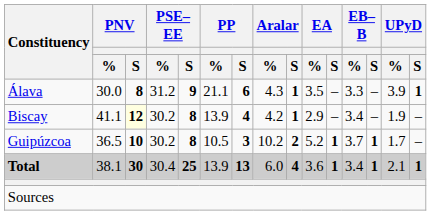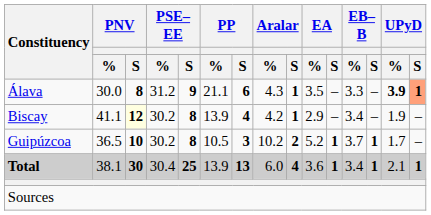 <table class="wikitable sortable" style="text-align:right; line-height:20px;">
 <tr>
 <th rowspan="3">Constituency</th>
 <th colspan="2" width="30px" class="unsortable"><a href='#'>PNV</a></th>
 <th colspan="2" width="30px" class="unsortable"><a href='#'>PSE–EE</a></th>
 <th colspan="2" width="30px" class="unsortable"><a href='#'>PP</a></th>
 <th colspan="2" width="30px" class="unsortable"><a href='#'>Aralar</a></th>
 <th colspan="2" width="30px" class="unsortable"><a href='#'>EA</a></th>
 <th colspan="2" width="30px" class="unsortable"><a href='#'>EB–B</a></th>
 <th colspan="2" width="30px" class="unsortable"><a href='#'>UPyD</a></th>
 </tr>
 <tr>
 <th colspan="2" style="background:"></th>
 <th colspan="2" style="background:"></th>
 <th colspan="2" style="background:"></th>
 <th colspan="2" style="background:"></th>
 <th colspan="2" style="background:"></th>
 <th colspan="2" style="background:"></th>
 <th colspan="2" style="background:"></th>
 </tr>
 <tr>
 <th data-sort-type="number">%</th>
 <th data-sort-type="number">S</th>
 <th data-sort-type="number">%</th>
 <th data-sort-type="number">S</th>
 <th data-sort-type="number">%</th>
 <th data-sort-type="number">S</th>
 <th data-sort-type="number">%</th>
 <th data-sort-type="number">S</th>
 <th data-sort-type="number">%</th>
 <th data-sort-type="number">S</th>
 <th data-sort-type="number">%</th>
 <th data-sort-type="number">S</th>
 <th data-sort-type="number">%</th>
 <th data-sort-type="number">S</th>
 </tr>
 <tr>
 <td align="left"><a href='#'>Álava</a></td>
 <td>30.0</td>
 <td><strong>8</strong></td>
 <td style="background:">31.2</td>
 <td><strong>9</strong></td>
 <td>21.1</td>
 <td><strong>6</strong></td>
 <td>4.3</td>
 <td><strong>1</strong></td>
 <td>3.5</td>
 <td>–</td>
 <td>3.3</td>
 <td>–</td>
-<td>3.9</td>
-<td><strong>1</strong></td>
+<td><strong>3.9</strong></td>
+<td style="background: lightsalmon;"><strong>1</strong></td>
 </tr>
 <tr>
 <td align="left"><a href='#'>Biscay</a></td>
 <td style="background:">41.1</td>
 <td style="background: lightyellow;"><strong>12</strong></td>
 <td>30.2</td>
 <td><strong>8</strong></td>
 <td>13.9</td>
 <td><strong>4</strong></td>
 <td>4.2</td>
 <td><strong>1</strong></td>
 <td>2.9</td>
 <td>–</td>
 <td>3.4</td>
 <td>–</td>
 <td>1.9</td>
 <td>–</td>
 </tr>
 <tr>
 <td align="left"><a href='#'>Guipúzcoa</a></td>
 <td style="background:">36.5</td>
 <td><strong>10</strong></td>
 <td>30.2</td>
 <td><strong>8</strong></td>
 <td>10.5</td>
 <td><strong>3</strong></td>
 <td>10.2</td>
 <td><strong>2</strong></td>
 <td>5.2</td>
 <td><strong>1</strong></td>
 <td>3.7</td>
 <td><strong>1</strong></td>
 <td>1.7</td>
 <td>–</td>
 </tr>
 <tr style="background:#CDCDCD;">
 <td align="left"><strong>Total</strong></td>
 <td style="background:">38.1</td>
 <td><strong>30</strong></td>
 <td>30.4</td>
 <td><strong>25</strong></td>
 <td>13.9</td>
 <td><strong>13</strong></td>
 <td>6.0</td>
 <td><strong>4</strong></td>
 <td>3.6</td>
 <td><strong>1</strong></td>
 <td>3.4</td>
 <td><strong>1</strong></td>
 <td>2.1</td>
 <td><strong>1</strong></td>
 </tr>
 <tr>
 <th colspan="15"></th>
 </tr>
 <tr>
 <th style="text-align:left; font-weight:normal; background:#F9F9F9" colspan="15">Sources</th>
 </tr>
 </table>
